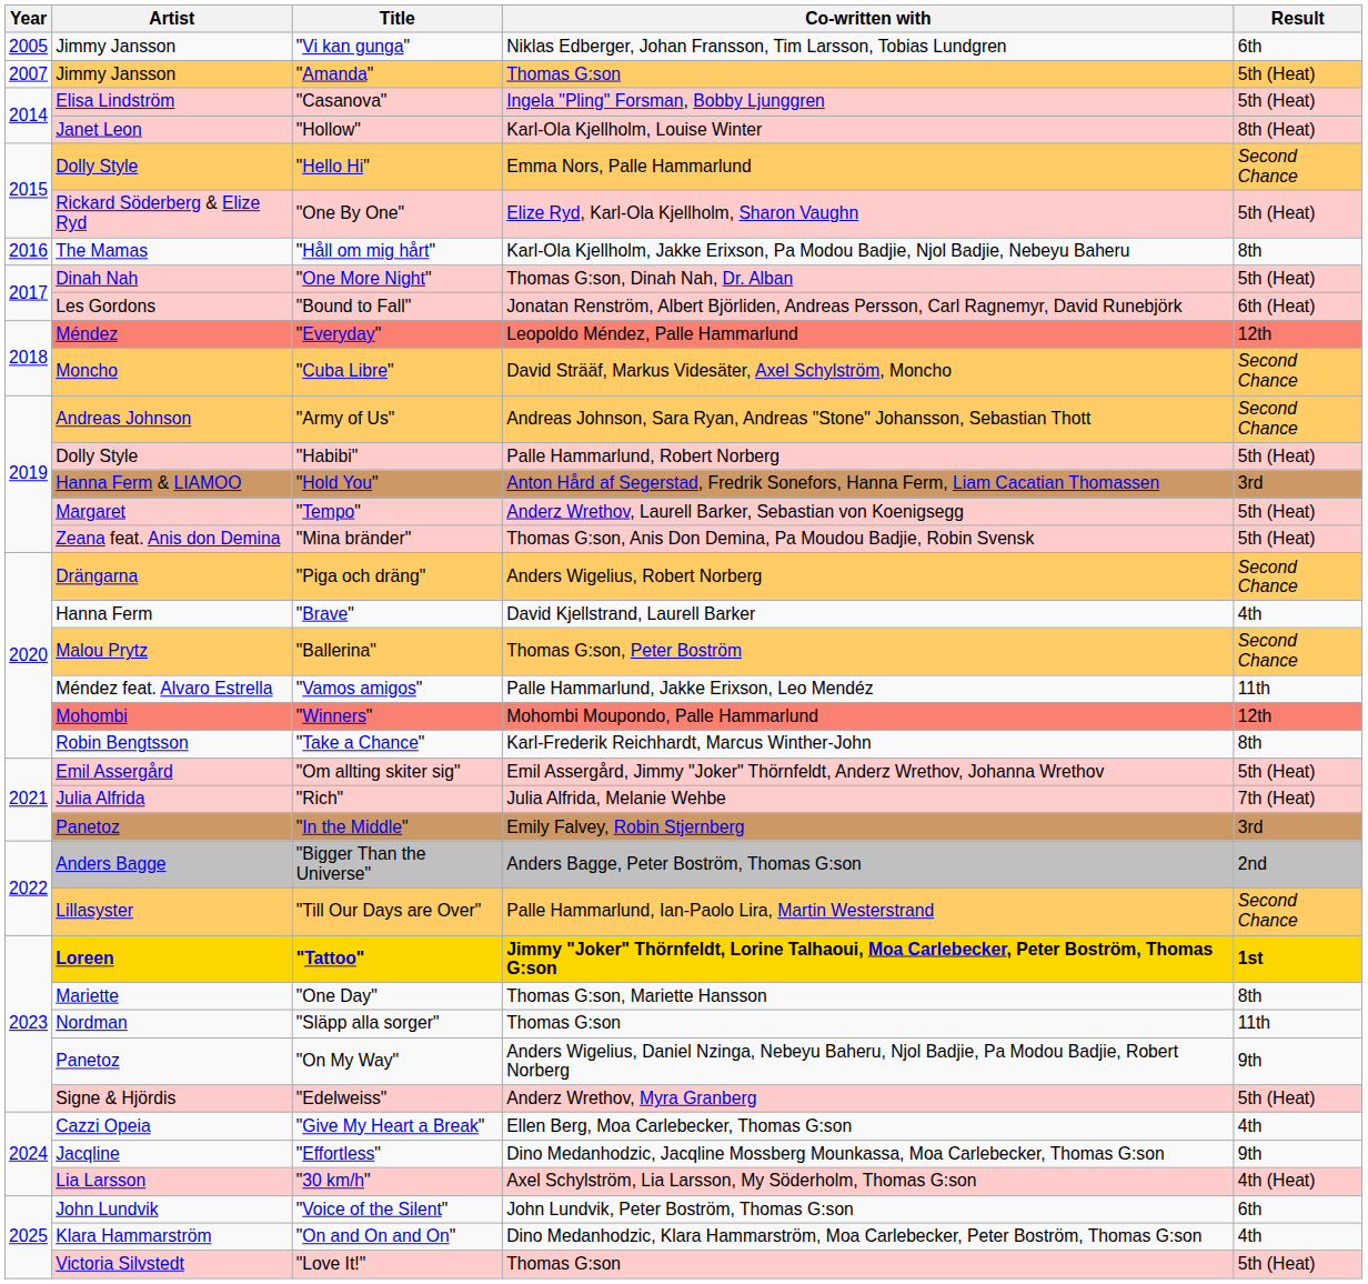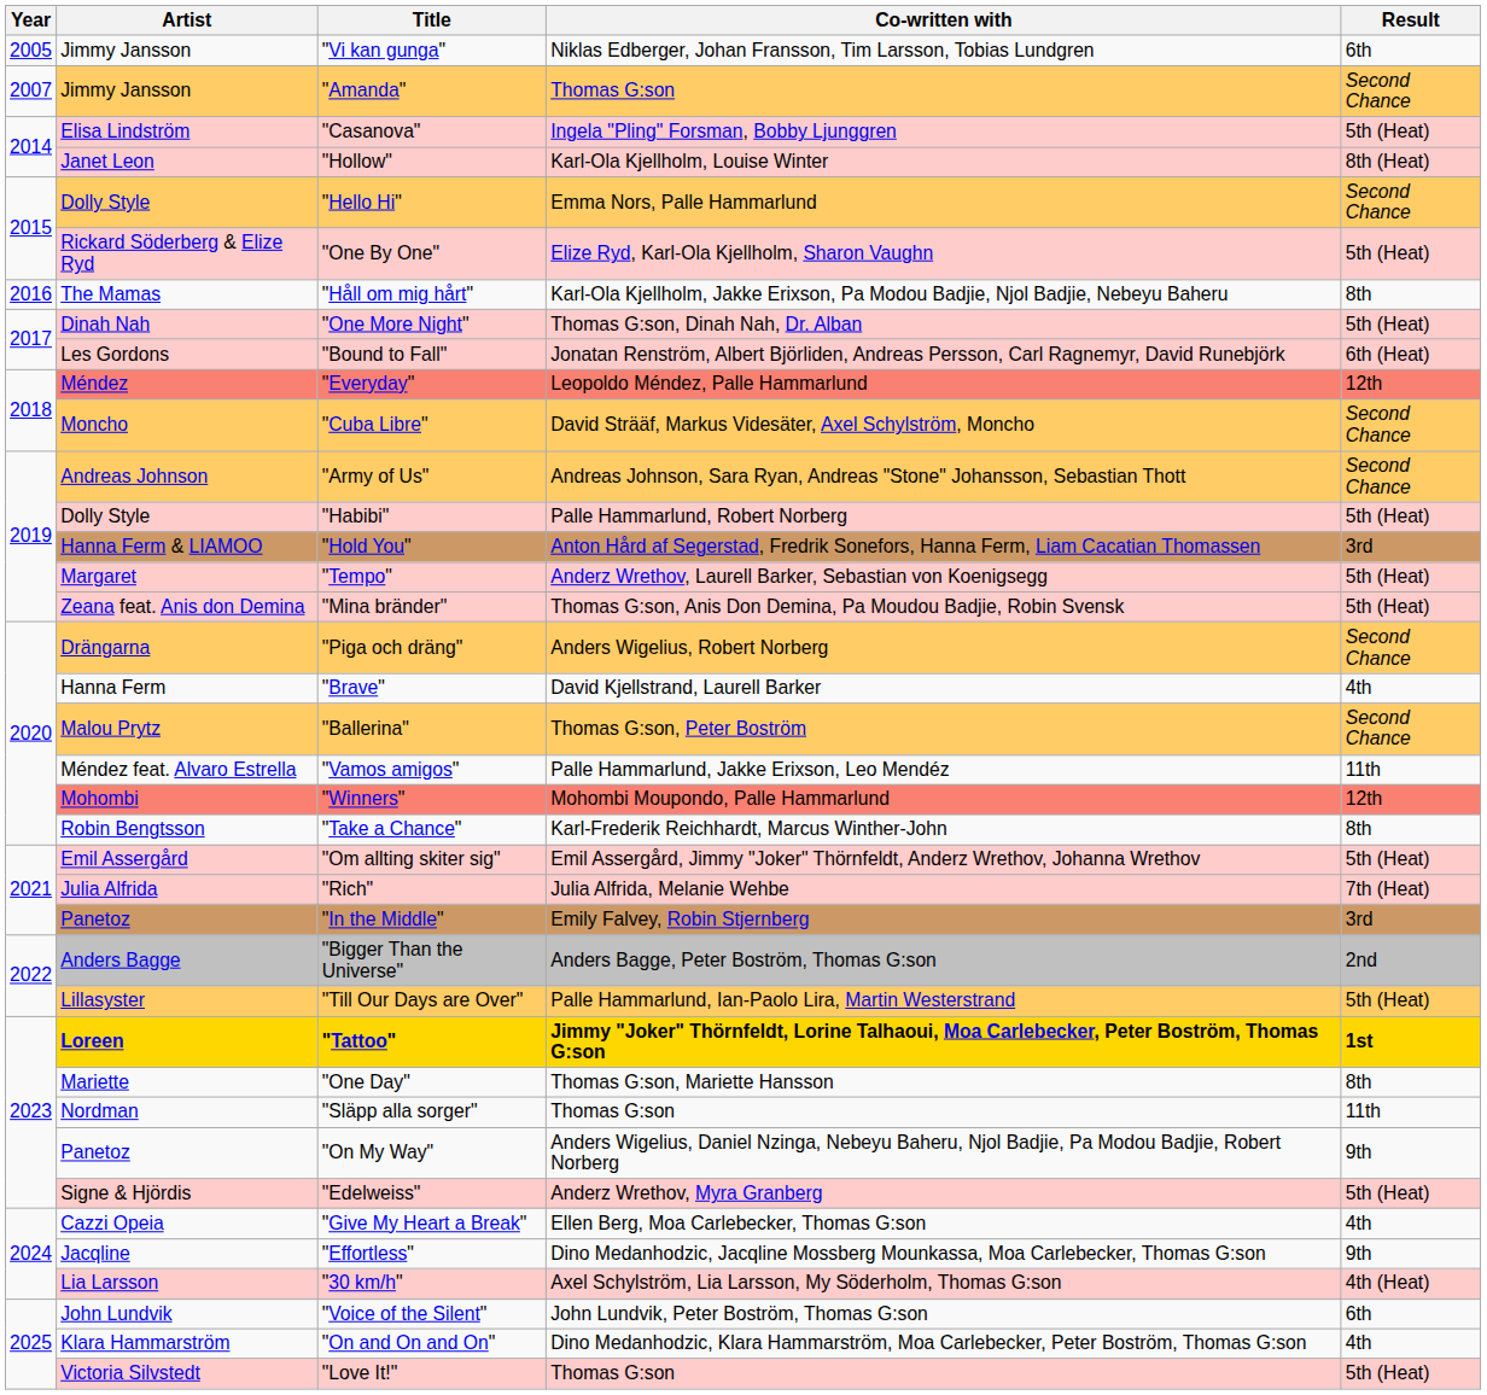 <table class="wikitable plainrowheaders">
 <tr>
 <th scope="col">Year</th>
 <th scope="col">Artist</th>
 <th scope="col">Title</th>
 <th scope="col">Co-written with</th>
 <th scope="col">Result</th>
 </tr>
 <tr>
 <td><a href='#'>2005</a></td>
 <td>Jimmy Jansson</td>
 <td>"<a href='#'>Vi kan gunga</a>"</td>
 <td>Niklas Edberger, Johan Fransson, Tim Larsson, Tobias Lundgren</td>
 <td>6th</td>
 </tr>
 <tr>
 <td><a href='#'>2007</a></td>
 <td bgcolor="#ffcc66">Jimmy Jansson</td>
 <td bgcolor="#ffcc66">"<a href='#'>Amanda</a>"</td>
 <td bgcolor="#ffcc66"><a href='#'>Thomas G:son</a></td>
-<td bgcolor="#ffcc66">5th (Heat)</td>
+<td bgcolor="#ffcc66"><em>Second Chance</em></td>
 </tr>
 <tr>
 <td rowspan="2"><a href='#'>2014</a></td>
 <td bgcolor="#ffcccc"><a href='#'>Elisa Lindström</a></td>
 <td bgcolor="#ffcccc">"Casanova"</td>
 <td bgcolor="#ffcccc"><a href='#'>Ingela "Pling" Forsman</a>, <a href='#'>Bobby Ljunggren</a></td>
 <td bgcolor="#ffcccc">5th (Heat)</td>
 </tr>
 <tr bgcolor="#ffcccc">
 <td><a href='#'>Janet Leon</a></td>
 <td>"Hollow"</td>
 <td>Karl-Ola Kjellholm, Louise Winter</td>
 <td>8th (Heat)</td>
 </tr>
 <tr>
 <td rowspan="2"><a href='#'>2015</a></td>
 <td bgcolor="#ffcc66"><a href='#'>Dolly Style</a></td>
 <td bgcolor="#ffcc66">"<a href='#'>Hello Hi</a>"</td>
 <td bgcolor="#ffcc66">Emma Nors, Palle Hammarlund</td>
 <td bgcolor="#ffcc66"><em>Second Chance</em></td>
 </tr>
 <tr bgcolor="#ffcccc">
 <td><a href='#'>Rickard Söderberg</a> & <a href='#'>Elize Ryd</a></td>
 <td>"One By One"</td>
 <td><a href='#'>Elize Ryd</a>, Karl-Ola Kjellholm, <a href='#'>Sharon Vaughn</a></td>
 <td>5th (Heat)</td>
 </tr>
 <tr>
 <td><a href='#'>2016</a></td>
 <td><a href='#'>The Mamas</a></td>
 <td>"<a href='#'>Håll om mig hårt</a>"</td>
 <td>Karl-Ola Kjellholm, Jakke Erixson, Pa Modou Badjie, Njol Badjie, Nebeyu Baheru</td>
 <td>8th</td>
 </tr>
 <tr>
 <td rowspan="2"><a href='#'>2017</a></td>
 <td bgcolor="#ffcccc"><a href='#'>Dinah Nah</a></td>
 <td bgcolor="#ffcccc">"<a href='#'>One More Night</a>"</td>
 <td bgcolor="#ffcccc">Thomas G:son, Dinah Nah, <a href='#'>Dr. Alban</a></td>
 <td bgcolor="#ffcccc">5th (Heat)</td>
 </tr>
 <tr bgcolor="#ffcccc">
 <td>Les Gordons</td>
 <td>"Bound to Fall"</td>
 <td>Jonatan Renström, Albert Björliden, Andreas Persson, Carl Ragnemyr, David Runebjörk</td>
 <td>6th (Heat)</td>
 </tr>
 <tr>
 <td rowspan="2"><a href='#'>2018</a></td>
 <td bgcolor="salmon"><a href='#'>Méndez</a></td>
 <td bgcolor="salmon">"<a href='#'>Everyday</a>"</td>
 <td bgcolor="salmon">Leopoldo Méndez, Palle Hammarlund</td>
 <td bgcolor="salmon">12th</td>
 </tr>
 <tr bgcolor="#ffcc66">
 <td><a href='#'>Moncho</a></td>
 <td>"<a href='#'>Cuba Libre</a>"</td>
 <td>David Strääf, Markus Videsäter, <a href='#'>Axel Schylström</a>, Moncho</td>
 <td><em>Second Chance</em></td>
 </tr>
 <tr>
 <td rowspan="5"><a href='#'>2019</a></td>
 <td bgcolor="#ffcc66"><a href='#'>Andreas Johnson</a></td>
 <td bgcolor="#ffcc66">"Army of Us"</td>
 <td bgcolor="#ffcc66">Andreas Johnson, Sara Ryan, Andreas "Stone" Johansson, Sebastian Thott</td>
 <td bgcolor="#ffcc66"><em>Second Chance</em></td>
 </tr>
 <tr bgcolor="#ffcccc">
 <td>Dolly Style</td>
 <td>"Habibi"</td>
 <td>Palle Hammarlund, Robert Norberg</td>
 <td>5th (Heat)</td>
 </tr>
 <tr bgcolor="#cc9966">
 <td><a href='#'>Hanna Ferm</a> & <a href='#'>LIAMOO</a></td>
 <td>"<a href='#'>Hold You</a>"</td>
 <td><a href='#'>Anton Hård af Segerstad</a>, Fredrik Sonefors, Hanna Ferm, <a href='#'>Liam Cacatian Thomassen</a></td>
 <td>3rd</td>
 </tr>
 <tr bgcolor="#ffcccc">
 <td><a href='#'>Margaret</a></td>
 <td>"<a href='#'>Tempo</a>"</td>
 <td><a href='#'>Anderz Wrethov</a>, Laurell Barker, Sebastian von Koenigsegg</td>
 <td>5th (Heat)</td>
 </tr>
 <tr bgcolor="#ffcccc">
 <td><a href='#'>Zeana</a> feat. <a href='#'>Anis don Demina</a></td>
 <td>"Mina bränder"</td>
 <td>Thomas G:son, Anis Don Demina, Pa Moudou Badjie, Robin Svensk</td>
 <td>5th (Heat)</td>
 </tr>
 <tr>
 <td rowspan="6"><a href='#'>2020</a></td>
 <td bgcolor="#ffcc66"><a href='#'>Drängarna</a></td>
 <td bgcolor="#ffcc66">"Piga och dräng"</td>
 <td bgcolor="#ffcc66">Anders Wigelius, Robert Norberg</td>
 <td bgcolor="#ffcc66"><em>Second Chance</em></td>
 </tr>
 <tr>
 <td>Hanna Ferm</td>
 <td>"<a href='#'>Brave</a>"</td>
 <td>David Kjellstrand, Laurell Barker</td>
 <td>4th</td>
 </tr>
 <tr bgcolor="#ffcc66">
 <td><a href='#'>Malou Prytz</a></td>
 <td>"Ballerina"</td>
 <td>Thomas G:son, <a href='#'>Peter Boström</a></td>
 <td><em>Second Chance</em></td>
 </tr>
 <tr>
 <td>Méndez feat. <a href='#'>Alvaro Estrella</a></td>
 <td>"<a href='#'>Vamos amigos</a>"</td>
 <td>Palle Hammarlund, Jakke Erixson, Leo Mendéz</td>
 <td>11th</td>
 </tr>
 <tr bgcolor="salmon">
 <td><a href='#'>Mohombi</a></td>
 <td>"<a href='#'>Winners</a>"</td>
 <td>Mohombi Moupondo, Palle Hammarlund</td>
 <td>12th</td>
 </tr>
 <tr>
 <td><a href='#'>Robin Bengtsson</a></td>
 <td>"<a href='#'>Take a Chance</a>"</td>
 <td>Karl-Frederik Reichhardt, Marcus Winther-John</td>
 <td>8th</td>
 </tr>
 <tr>
 <td rowspan="3"><a href='#'>2021</a></td>
 <td bgcolor="#ffcccc"><a href='#'>Emil Assergård</a></td>
 <td bgcolor="#ffcccc">"Om allting skiter sig"</td>
 <td bgcolor="#ffcccc">Emil Assergård, Jimmy "Joker" Thörnfeldt, Anderz Wrethov, Johanna Wrethov</td>
 <td bgcolor="#ffcccc">5th (Heat)</td>
 </tr>
 <tr>
 <td bgcolor="#ffcccc"><a href='#'>Julia Alfrida</a></td>
 <td bgcolor="#ffcccc">"Rich"</td>
 <td bgcolor="#ffcccc">Julia Alfrida, Melanie Wehbe</td>
 <td bgcolor="#ffcccc">7th (Heat)</td>
 </tr>
 <tr bgcolor="#cc9966">
 <td><a href='#'>Panetoz</a></td>
 <td>"<a href='#'>In the Middle</a>"</td>
 <td>Emily Falvey, <a href='#'>Robin Stjernberg</a></td>
 <td>3rd</td>
 </tr>
 <tr>
 <td rowspan="2"><a href='#'>2022</a></td>
 <td bgcolor="silver"><a href='#'>Anders Bagge</a></td>
 <td bgcolor="silver">"Bigger Than the Universe"</td>
 <td bgcolor="silver">Anders Bagge, Peter Boström, Thomas G:son</td>
 <td bgcolor="silver">2nd</td>
 </tr>
 <tr>
 <td bgcolor="#ffcc66"><a href='#'>Lillasyster</a></td>
 <td bgcolor="#ffcc66">"Till Our Days are Over"</td>
 <td bgcolor="#ffcc66">Palle Hammarlund, Ian-Paolo Lira, <a href='#'>Martin Westerstrand</a></td>
-<td bgcolor="#ffcc66"><em>Second Chance</em></td>
+<td bgcolor="#ffcc66">5th (Heat)</td>
 </tr>
 <tr>
 <td rowspan="5"><a href='#'>2023</a></td>
 <td bgcolor="gold" style="font-weight:bold;"><a href='#'>Loreen</a></td>
 <td bgcolor="gold" style="font-weight:bold;">"<a href='#'>Tattoo</a>"</td>
 <td bgcolor="gold" style="font-weight:bold;">Jimmy "Joker" Thörnfeldt, Lorine Talhaoui, <a href='#'>Moa Carlebecker</a>, Peter Boström, Thomas G:son</td>
 <td bgcolor="gold" style="font-weight:bold;">1st</td>
 </tr>
 <tr>
 <td><a href='#'>Mariette</a></td>
 <td>"One Day"</td>
 <td>Thomas G:son, Mariette Hansson</td>
 <td>8th</td>
 </tr>
 <tr>
 <td><a href='#'>Nordman</a></td>
 <td>"Släpp alla sorger"</td>
 <td>Thomas G:son</td>
 <td>11th</td>
 </tr>
 <tr>
 <td><a href='#'>Panetoz</a></td>
 <td>"On My Way"</td>
 <td>Anders Wigelius, Daniel Nzinga, Nebeyu Baheru, Njol Badjie, Pa Modou Badjie, Robert Norberg</td>
 <td>9th</td>
 </tr>
 <tr>
 <td bgcolor="#ffcccc">Signe & Hjördis</td>
 <td bgcolor="#ffcccc">"Edelweiss"</td>
 <td bgcolor="#ffcccc">Anderz Wrethov, <a href='#'>Myra Granberg</a></td>
 <td bgcolor="#ffcccc">5th (Heat)</td>
 </tr>
 <tr>
 <td rowspan="3"><a href='#'>2024</a></td>
 <td><a href='#'>Cazzi Opeia</a></td>
 <td>"<a href='#'>Give My Heart a Break</a>"</td>
 <td>Ellen Berg, Moa Carlebecker, Thomas G:son</td>
 <td>4th</td>
 </tr>
 <tr>
 <td><a href='#'>Jacqline</a></td>
 <td>"<a href='#'>Effortless</a>"</td>
 <td>Dino Medanhodzic, Jacqline Mossberg Mounkassa, Moa Carlebecker, Thomas G:son</td>
 <td>9th</td>
 </tr>
 <tr>
 <td bgcolor="#ffcccc"><a href='#'>Lia Larsson</a></td>
 <td bgcolor="#ffcccc">"<a href='#'>30 km/h</a>"</td>
 <td bgcolor="#ffcccc">Axel Schylström, Lia Larsson, My Söderholm, Thomas G:son</td>
 <td bgcolor="#ffcccc">4th (Heat)</td>
 </tr>
 <tr>
 <td rowspan="3"><a href='#'>2025</a></td>
 <td><a href='#'>John Lundvik</a></td>
 <td>"<a href='#'>Voice of the Silent</a>"</td>
 <td>John Lundvik, Peter Boström, Thomas G:son</td>
 <td>6th</td>
 </tr>
 <tr>
 <td><a href='#'>Klara Hammarström</a></td>
 <td>"<a href='#'>On and On and On</a>"</td>
 <td>Dino Medanhodzic, Klara Hammarström, Moa Carlebecker, Peter Boström, Thomas G:son</td>
 <td>4th</td>
 </tr>
 <tr>
 <td bgcolor="#ffcccc"><a href='#'>Victoria Silvstedt</a></td>
 <td bgcolor="#ffcccc">"Love It!"</td>
 <td bgcolor="#ffcccc">Thomas G:son</td>
 <td bgcolor="#ffcccc">5th (Heat)</td>
 </tr>
 </table>
